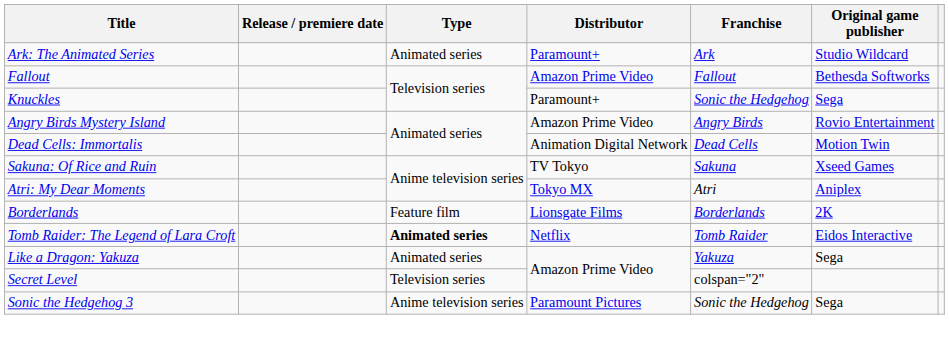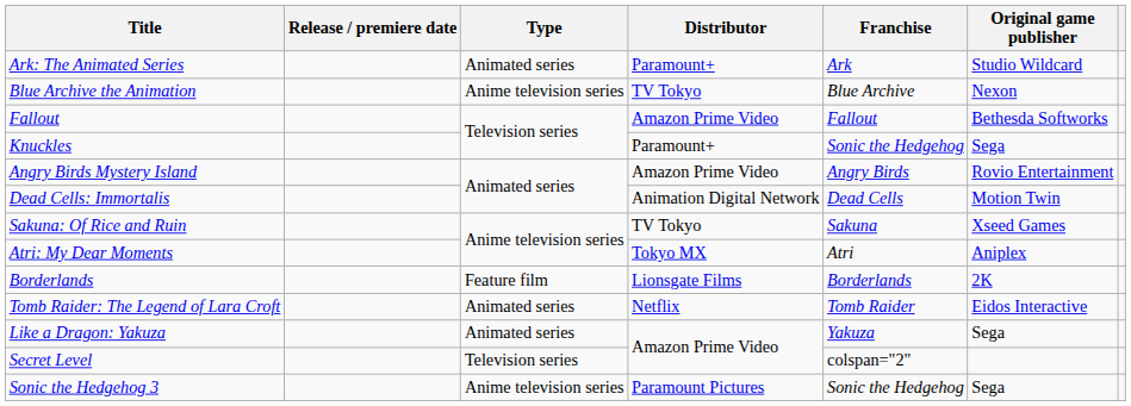 <table class="wikitable sortable">
 <tr>
 <th>Title</th>
 <th>Release / premiere date</th>
 <th>Type</th>
 <th>Distributor</th>
 <th>Franchise</th>
 <th>Original game<br>publisher</th>
 <th></th>
 </tr>
 <tr>
 <td><em><a href='#'>Ark: The Animated Series</a></em></td>
 <td></td>
 <td>Animated series</td>
 <td><a href='#'>Paramount+</a></td>
 <td><em><a href='#'>Ark</a></em></td>
 <td><a href='#'>Studio Wildcard</a></td>
+<td align="center"></td>
+</tr>
+<tr>
+<td><em><a href='#'>Blue Archive the Animation</a></em></td>
+<td></td>
+<td>Anime television series</td>
+<td><a href='#'>TV Tokyo</a> </td>
+<td><em>Blue Archive</em></td>
+<td><a href='#'>Nexon</a></td>
 <td align="center"></td>
 </tr>
 <tr>
 <td><em><a href='#'>Fallout</a></em></td>
 <td></td>
 <td rowspan=2>Television series</td>
 <td><a href='#'>Amazon Prime Video</a></td>
 <td><em><a href='#'>Fallout</a></em></td>
 <td><a href='#'>Bethesda Softworks</a></td>
 <td align="center"></td>
 </tr>
 <tr>
 <td><em><a href='#'>Knuckles</a></em></td>
 <td></td>
 <td>Paramount+</td>
 <td><em><a href='#'>Sonic the Hedgehog</a></em></td>
 <td><a href='#'>Sega</a></td>
 <td align="center"></td>
 </tr>
 <tr>
 <td><em><a href='#'>Angry Birds Mystery Island</a></em></td>
 <td></td>
 <td rowspan="2">Animated series</td>
 <td>Amazon Prime Video</td>
 <td><em><a href='#'>Angry Birds</a></em></td>
 <td><a href='#'>Rovio Entertainment</a></td>
 <td align="center"></td>
 </tr>
 <tr>
 <td><em><a href='#'>Dead Cells: Immortalis</a></em></td>
 <td></td>
 <td>Animation Digital Network </td>
 <td><em><a href='#'>Dead Cells</a></em></td>
 <td><a href='#'>Motion Twin</a></td>
 <td align="center"></td>
 </tr>
 <tr>
 <td><em><a href='#'>Sakuna: Of Rice and Ruin</a></em></td>
 <td></td>
 <td rowspan="2">Anime television series</td>
 <td>TV Tokyo </td>
 <td><em><a href='#'>Sakuna</a></em></td>
 <td><a href='#'>Xseed Games</a></td>
 <td align="center"></td>
 </tr>
 <tr>
 <td><em><a href='#'>Atri: My Dear Moments</a></em></td>
 <td></td>
 <td><a href='#'>Tokyo MX</a> </td>
 <td><em>Atri</em></td>
 <td><a href='#'>Aniplex</a></td>
 <td align="center"></td>
 </tr>
 <tr>
 <td><em><a href='#'>Borderlands</a></em></td>
 <td></td>
 <td>Feature film</td>
 <td><a href='#'>Lionsgate Films</a></td>
 <td><em><a href='#'>Borderlands</a></em></td>
 <td><a href='#'>2K</a></td>
 <td align="center"></td>
 </tr>
 <tr>
 <td><em><a href='#'>Tomb Raider: The Legend of Lara Croft</a></em></td>
 <td></td>
-<td><strong>Animated series</strong></td>
+<td>Animated series</td>
 <td><a href='#'>Netflix</a></td>
 <td><em><a href='#'>Tomb Raider</a></em></td>
 <td><a href='#'>Eidos Interactive</a></td>
 <td align="center"></td>
 </tr>
 <tr>
 <td><em><a href='#'>Like a Dragon: Yakuza</a></em></td>
 <td></td>
 <td>Animated series</td>
 <td rowspan="2">Amazon Prime Video</td>
 <td><em><a href='#'>Yakuza</a></em></td>
 <td>Sega</td>
 <td align="center"></td>
 </tr>
 <tr>
 <td><em><a href='#'>Secret Level</a></em></td>
 <td></td>
 <td>Television series</td>
 <td>colspan="2" </td>
 <td align="center"></td>
 </tr>
 <tr>
 <td><em><a href='#'>Sonic the Hedgehog 3</a></em></td>
 <td></td>
 <td>Anime television series</td>
 <td><a href='#'>Paramount Pictures</a></td>
 <td><em>Sonic the Hedgehog</em></td>
 <td>Sega</td>
 <td align="center"></td>
 </tr>
 </table>
